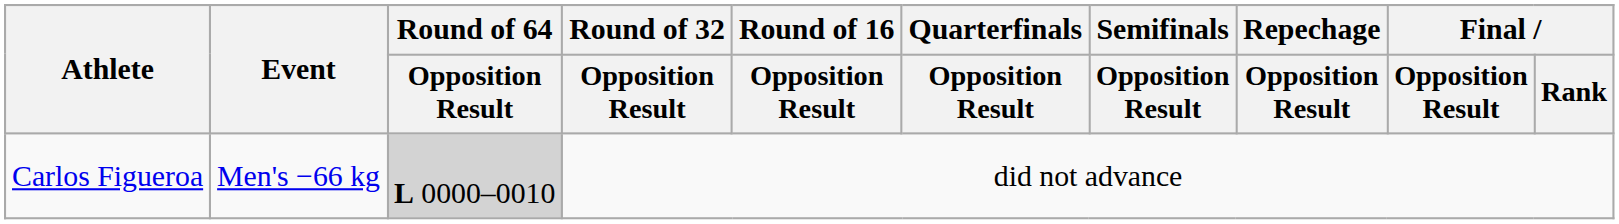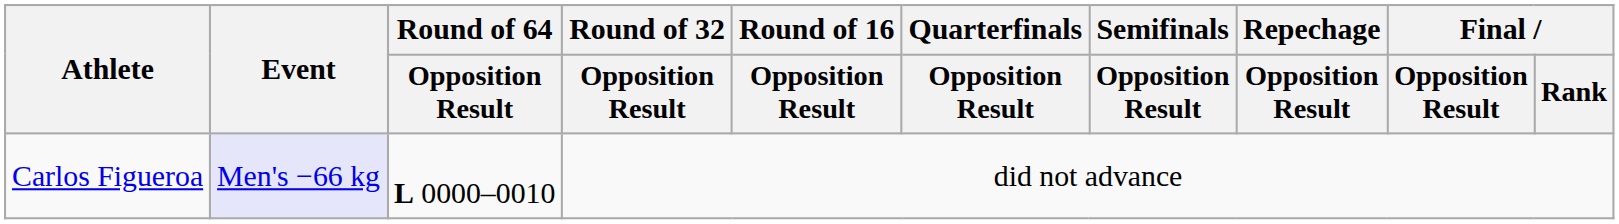 <table class="wikitable" style="font-size:90%">
 <tr>
 <th rowspan="2">Athlete</th>
 <th rowspan="2">Event</th>
 <th>Round of 64</th>
 <th>Round of 32</th>
 <th>Round of 16</th>
 <th>Quarterfinals</th>
 <th>Semifinals</th>
 <th>Repechage</th>
 <th colspan=2>Final / </th>
 </tr>
 <tr style="font-size:95%">
 <th>Opposition<br>Result</th>
 <th>Opposition<br>Result</th>
 <th>Opposition<br>Result</th>
 <th>Opposition<br>Result</th>
 <th>Opposition<br>Result</th>
 <th>Opposition<br>Result</th>
 <th>Opposition<br>Result</th>
 <th>Rank</th>
 </tr>
 <tr align=center>
 <td align=left><a href='#'>Carlos Figueroa</a></td>
-<td align=left><a href='#'>Men's −66 kg</a></td>
-<td style="background: lightgrey;"><br><strong>L</strong> 0000–0010</td>
+<td align=left style="background: lavender;"><a href='#'>Men's −66 kg</a></td>
+<td><br><strong>L</strong> 0000–0010</td>
 <td colspan=7>did not advance</td>
 </tr>
 </table>
